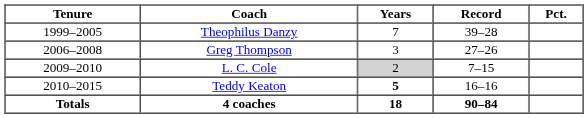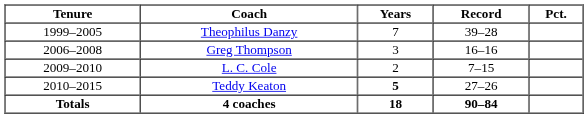 <table cellpadding="1" border="1" cellspacing="0" width="80%" style="text-align:center;">
 <tr>
 <th>Tenure</th>
 <th>Coach</th>
 <th>Years</th>
 <th>Record</th>
 <th>Pct.</th>
 </tr>
 <tr>
 <td>1999–2005</td>
 <td><a href='#'>Theophilus Danzy</a></td>
 <td>7</td>
 <td>39–28</td>
 <td></td>
 </tr>
 <tr>
 <td>2006–2008</td>
 <td><a href='#'>Greg Thompson</a></td>
 <td>3</td>
-<td>27–26</td>
+<td>16–16</td>
 <td></td>
 </tr>
 <tr>
 <td>2009–2010</td>
 <td><a href='#'>L. C. Cole</a></td>
-<td style="background: lightgrey;">2</td>
+<td>2</td>
 <td>7–15</td>
 <td></td>
 </tr>
 <tr>
 <td>2010–2015</td>
 <td><a href='#'>Teddy Keaton</a></td>
 <td><strong>5</strong></td>
-<td>16–16</td>
+<td>27–26</td>
 <td></td>
 </tr>
 <tr>
 <th>Totals</th>
 <th>4 coaches</th>
 <th>18</th>
 <th>90–84</th>
 <th></th>
 </tr>
 <tr>
 </tr>
 </table>
